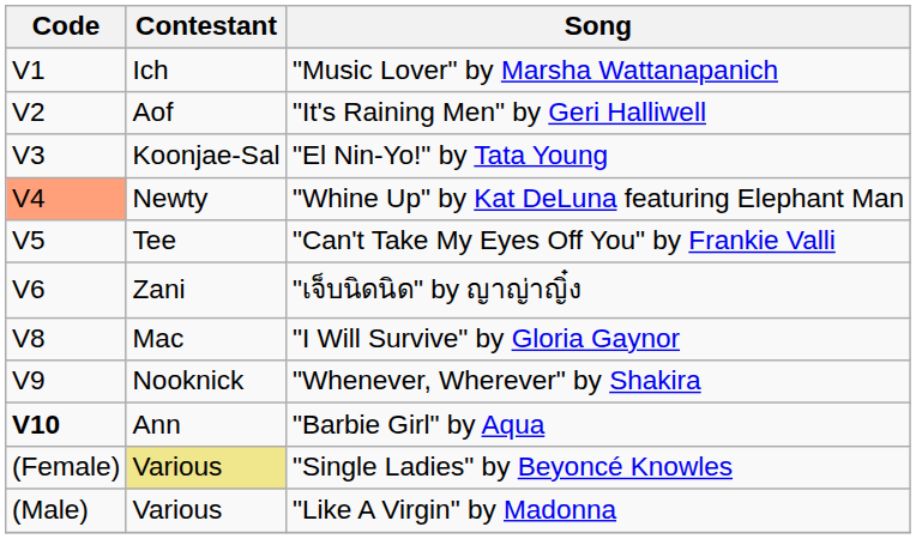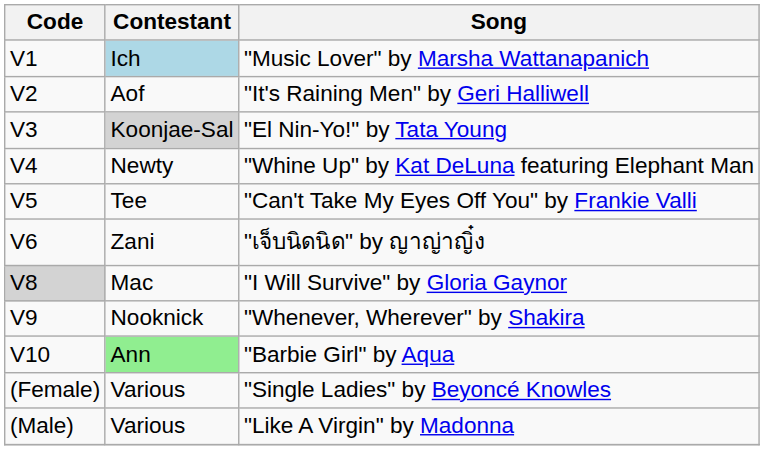 <table class="wikitable">
 <tr>
 <th>Code</th>
 <th>Contestant</th>
 <th>Song</th>
 </tr>
 <tr>
 <td>V1</td>
-<td>Ich</td>
+<td style="background: lightblue;">Ich</td>
 <td>"Music Lover" by <a href='#'>Marsha Wattanapanich</a></td>
 </tr>
 <tr>
 <td>V2</td>
 <td>Aof</td>
 <td>"It's Raining Men" by <a href='#'>Geri Halliwell</a></td>
 </tr>
 <tr>
 <td>V3</td>
-<td>Koonjae-Sal</td>
+<td style="background: lightgrey;">Koonjae-Sal</td>
 <td>"El Nin-Yo!" by <a href='#'>Tata Young</a></td>
 </tr>
 <tr>
-<td style="background: lightsalmon;">V4</td>
+<td>V4</td>
 <td>Newty</td>
 <td>"Whine Up" by <a href='#'>Kat DeLuna</a> featuring Elephant Man</td>
 </tr>
 <tr>
 <td>V5</td>
 <td>Tee</td>
 <td>"Can't Take My Eyes Off You" by <a href='#'>Frankie Valli</a></td>
 </tr>
 <tr>
 <td>V6</td>
 <td>Zani</td>
 <td>"เจ็บนิดนิด" by ญาญ่าญิ๋ง</td>
 </tr>
 <tr>
-<td>V8</td>
+<td style="background: lightgrey;">V8</td>
 <td>Mac</td>
 <td>"I Will Survive" by <a href='#'>Gloria Gaynor</a></td>
 </tr>
 <tr>
 <td>V9</td>
 <td>Nooknick</td>
 <td>"Whenever, Wherever" by <a href='#'>Shakira</a></td>
 </tr>
 <tr>
-<td><strong>V10</strong></td>
-<td>Ann</td>
+<td>V10</td>
+<td style="background: lightgreen;">Ann</td>
 <td>"Barbie Girl" by <a href='#'>Aqua</a></td>
 </tr>
 <tr>
 <td>(Female)</td>
-<td style="background: khaki;">Various</td>
+<td>Various</td>
 <td>"Single Ladies" by <a href='#'>Beyoncé Knowles</a></td>
 </tr>
 <tr>
 <td>(Male)</td>
 <td>Various</td>
 <td>"Like A Virgin" by <a href='#'>Madonna</a></td>
 </tr>
 <tr>
 </tr>
 </table>
